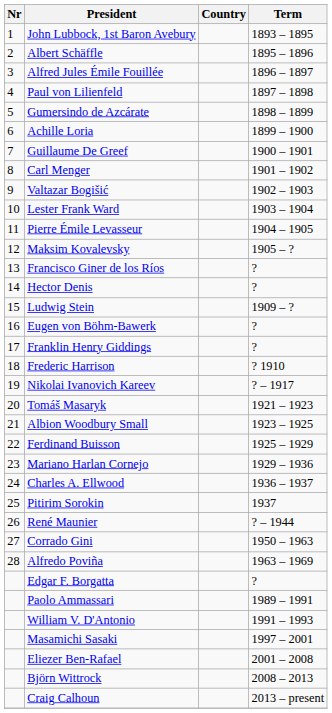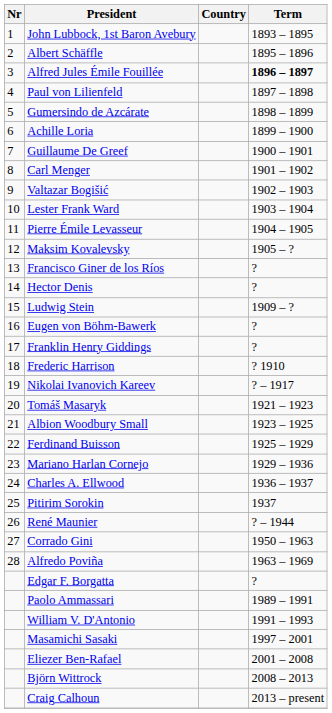 <table class="sortable wikitable">
 <tr>
 <th>Nr</th>
 <th>President</th>
 <th>Country</th>
 <th>Term</th>
 </tr>
 <tr>
 <td>1</td>
 <td><a href='#'>John Lubbock, 1st Baron Avebury</a></td>
 <td></td>
 <td>1893 – 1895</td>
 </tr>
 <tr>
 <td>2</td>
 <td><a href='#'>Albert Schäffle</a></td>
 <td></td>
 <td>1895 – 1896</td>
 </tr>
 <tr>
 <td>3</td>
 <td><a href='#'>Alfred Jules Émile Fouillée</a></td>
 <td></td>
-<td>1896 – 1897</td>
+<td><strong>1896 – 1897</strong></td>
 </tr>
 <tr>
 <td>4</td>
 <td><a href='#'>Paul von Lilienfeld</a></td>
 <td></td>
 <td>1897 – 1898</td>
 </tr>
 <tr>
 <td>5</td>
 <td><a href='#'>Gumersindo de Azcárate</a></td>
 <td></td>
 <td>1898 – 1899</td>
 </tr>
 <tr>
 <td>6</td>
 <td><a href='#'>Achille Loria</a></td>
 <td></td>
 <td>1899 – 1900</td>
 </tr>
 <tr>
 <td>7</td>
 <td><a href='#'>Guillaume De Greef</a></td>
 <td></td>
 <td>1900 – 1901</td>
 </tr>
 <tr>
 <td>8</td>
 <td><a href='#'>Carl Menger</a></td>
 <td></td>
 <td>1901 – 1902</td>
 </tr>
 <tr>
 <td>9</td>
 <td><a href='#'>Valtazar Bogišić</a></td>
 <td></td>
 <td>1902 – 1903</td>
 </tr>
 <tr>
 <td>10</td>
 <td><a href='#'>Lester Frank Ward</a></td>
 <td></td>
 <td>1903 – 1904</td>
 </tr>
 <tr>
 <td>11</td>
 <td><a href='#'>Pierre Émile Levasseur</a></td>
 <td></td>
 <td>1904 – 1905</td>
 </tr>
 <tr>
 <td>12</td>
 <td><a href='#'>Maksim Kovalevsky</a></td>
 <td></td>
 <td>1905 – ?</td>
 </tr>
 <tr>
 <td>13</td>
 <td><a href='#'>Francisco Giner de los Ríos</a></td>
 <td></td>
 <td>?</td>
 </tr>
 <tr>
 <td>14</td>
 <td><a href='#'>Hector Denis</a></td>
 <td></td>
 <td>?</td>
 </tr>
 <tr>
 <td>15</td>
 <td><a href='#'>Ludwig Stein</a></td>
 <td></td>
 <td>1909 – ?</td>
 </tr>
 <tr>
 <td>16</td>
 <td><a href='#'>Eugen von Böhm-Bawerk</a></td>
 <td></td>
 <td>?</td>
 </tr>
 <tr>
 <td>17</td>
 <td><a href='#'>Franklin Henry Giddings</a></td>
 <td></td>
 <td>?</td>
 </tr>
 <tr>
 <td>18</td>
 <td><a href='#'>Frederic Harrison</a></td>
 <td></td>
 <td>? 1910</td>
 </tr>
 <tr>
 <td>19</td>
 <td><a href='#'>Nikolai Ivanovich Kareev</a></td>
 <td></td>
 <td>? – 1917</td>
 </tr>
 <tr>
 <td>20</td>
 <td><a href='#'>Tomáš Masaryk</a></td>
 <td></td>
 <td>1921 – 1923</td>
 </tr>
 <tr>
 <td>21</td>
 <td><a href='#'>Albion Woodbury Small</a></td>
 <td></td>
 <td>1923 – 1925</td>
 </tr>
 <tr>
 <td>22</td>
 <td><a href='#'>Ferdinand Buisson</a></td>
 <td></td>
 <td>1925 – 1929</td>
 </tr>
 <tr>
 <td>23</td>
 <td><a href='#'>Mariano Harlan Cornejo</a></td>
 <td></td>
 <td>1929 – 1936</td>
 </tr>
 <tr>
 <td>24</td>
 <td><a href='#'>Charles A. Ellwood</a></td>
 <td></td>
 <td>1936 – 1937</td>
 </tr>
 <tr>
 <td>25</td>
 <td><a href='#'>Pitirim Sorokin</a></td>
 <td></td>
 <td>1937</td>
 </tr>
 <tr>
 <td>26</td>
 <td><a href='#'>René Maunier</a></td>
 <td></td>
 <td>? – 1944</td>
 </tr>
 <tr>
 <td>27</td>
 <td><a href='#'>Corrado Gini</a></td>
 <td></td>
 <td>1950 – 1963</td>
 </tr>
 <tr>
 <td>28</td>
 <td><a href='#'>Alfredo Poviña</a></td>
 <td></td>
 <td>1963 – 1969</td>
 </tr>
 <tr>
 <td></td>
 <td><a href='#'>Edgar F. Borgatta</a></td>
 <td></td>
 <td>?</td>
 </tr>
 <tr>
 <td></td>
 <td><a href='#'>Paolo Ammassari</a></td>
 <td></td>
 <td>1989 – 1991</td>
 </tr>
 <tr>
 <td></td>
 <td><a href='#'>William V. D'Antonio</a></td>
 <td></td>
 <td>1991 – 1993</td>
 </tr>
 <tr>
 <td></td>
 <td><a href='#'>Masamichi Sasaki</a></td>
 <td></td>
 <td>1997 – 2001</td>
 </tr>
 <tr>
 <td></td>
 <td><a href='#'>Eliezer Ben-Rafael</a></td>
 <td></td>
 <td>2001 – 2008</td>
 </tr>
 <tr>
 <td></td>
 <td><a href='#'>Björn Wittrock</a></td>
 <td></td>
 <td>2008 – 2013</td>
 </tr>
 <tr>
 <td></td>
 <td><a href='#'>Craig Calhoun</a></td>
 <td></td>
 <td>2013 – present</td>
 </tr>
 <tr>
 </tr>
 </table>
